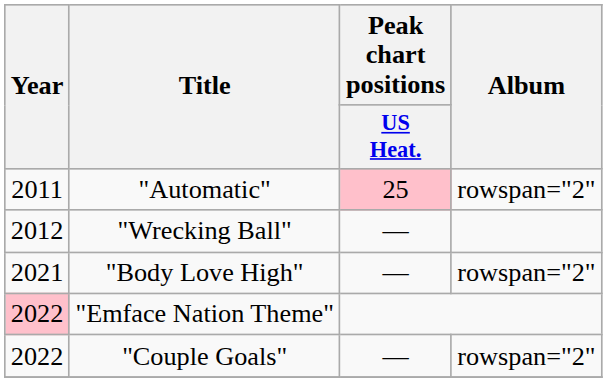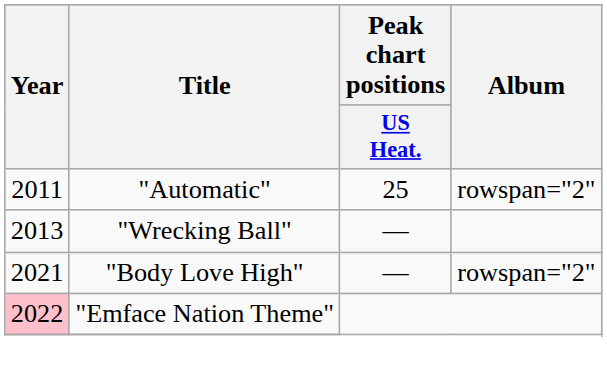 <table class="wikitable plainrowheaders" style="text-align:center;">
 <tr>
 <th scope="col" rowspan="2">Year</th>
 <th scope="col" rowspan="2">Title</th>
 <th scope="col" colspan="1">Peak chart positions</th>
 <th scope="col" rowspan="2">Album</th>
 </tr>
 <tr>
 <th scope="col" style="width:3em;font-size:85%;"><a href='#'>US<br>Heat.</a><br></th>
 </tr>
 <tr>
 <td>2011</td>
 <td>"Automatic"</td>
-<td style="background: pink;">25</td>
+<td>25</td>
 <td>rowspan="2" </td>
 </tr>
 <tr>
-<td>2012</td>
+<td>2013</td>
 <td>"Wrecking Ball"</td>
 <td>—</td>
 </tr>
 <tr>
 <td>2021</td>
 <td>"Body Love High"</td>
 <td>—</td>
 <td>rowspan="2" </td>
 </tr>
 <tr>
 <td style="background: pink;">2022</td>
 <td>"Emface Nation Theme" </td>
 </tr>
 <tr>
-<td>2022</td>
-<td>"Couple Goals" </td>
-<td>—</td>
-<td>rowspan="2" </td>
-</tr>
-<tr>
 </tr>
 </table>
